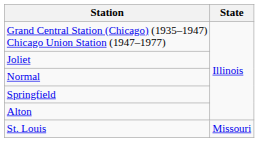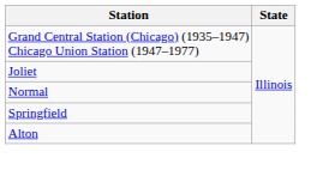 <table class="wikitable">
 <tr>
 <th>Station</th>
 <th>State</th>
 </tr>
 <tr>
 <td><a href='#'>Grand Central Station (Chicago)</a> (1935–1947)<br><a href='#'>Chicago Union Station</a> (1947–1977)</td>
 <td rowspan="5"><a href='#'>Illinois</a></td>
 </tr>
 <tr>
 <td><a href='#'>Joliet</a></td>
 </tr>
 <tr>
 <td><a href='#'>Normal</a></td>
 </tr>
 <tr>
 <td><a href='#'>Springfield</a></td>
 </tr>
 <tr>
 <td><a href='#'>Alton</a></td>
 </tr>
-<tr>
-<td><a href='#'>St. Louis</a></td>
-<td><a href='#'>Missouri</a></td>
-</tr>
 </table>
